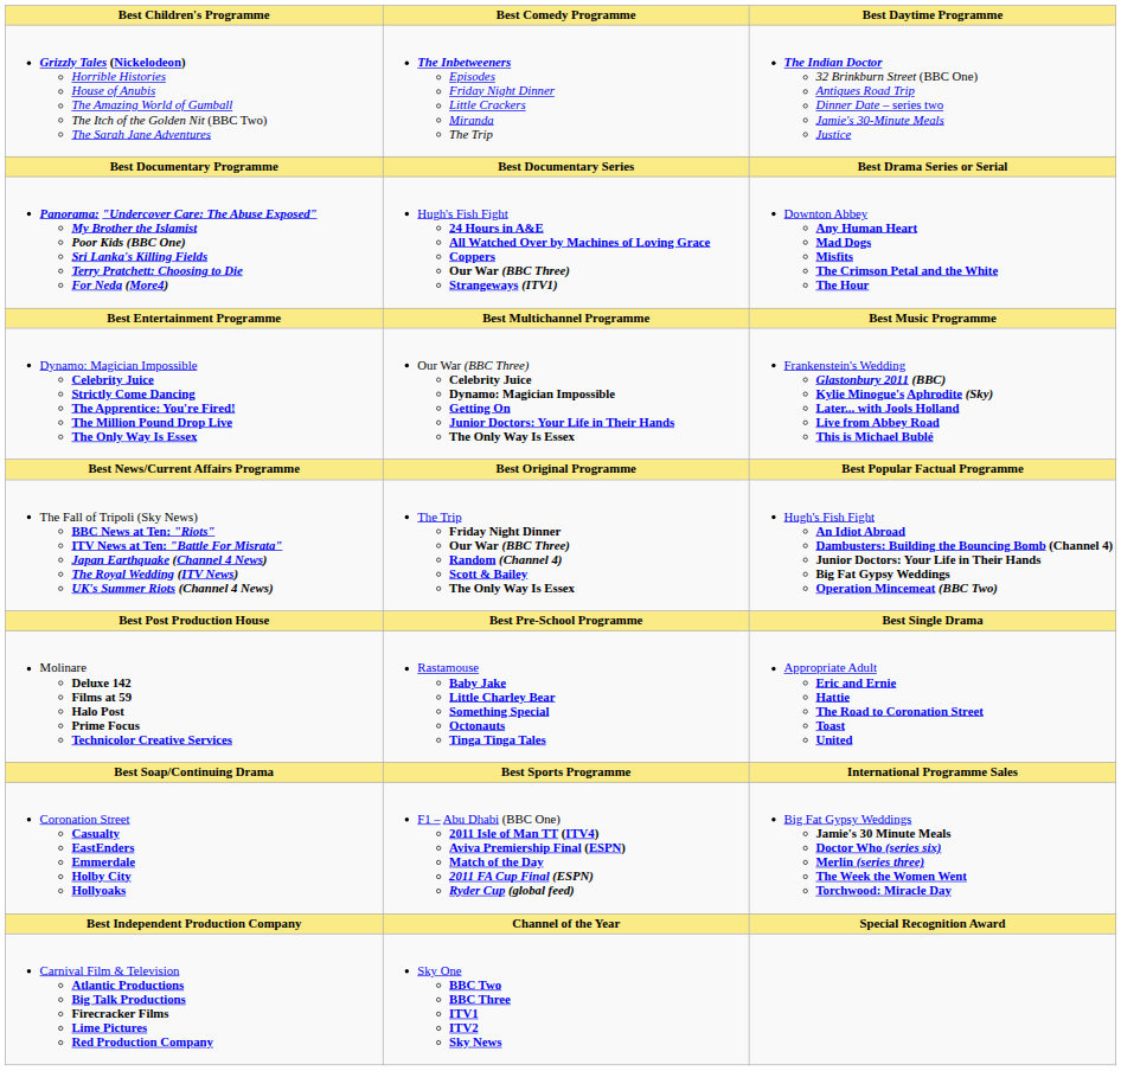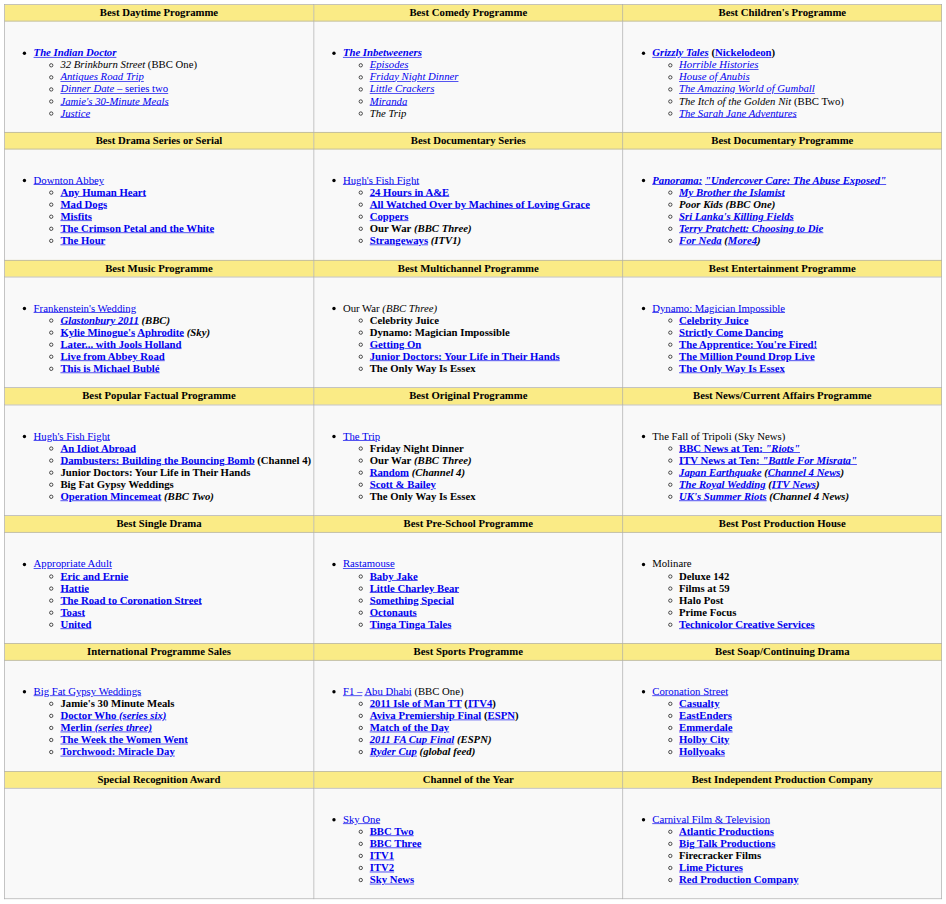 <table class=wikitable style=font-size:100%>
 <tr>
+<th style="background:#FAEB86;" width="33%">Best Daytime Programme</th>
+<th style="background:#FAEB86;" width="33%">Best Comedy Programme</th>
 <th style="background:#FAEB86;" width="34%">Best Children's Programme</th>
-<th style="background:#FAEB86;" width="33%">Best Comedy Programme</th>
-<th style="background:#FAEB86;" width="33%">Best Daytime Programme</th>
 </tr>
 <tr>
+<td valign="top"><br><ul><li><strong><em><a href='#'>The Indian Doctor</a></em></strong><ul><li><em>32 Brinkburn Street</em> (BBC One)</li><li><em><a href='#'>Antiques Road Trip</a></em></li><li><a href='#'><em>Dinner Date –</em> series two</a></li><li><em><a href='#'>Jamie's 30-Minute Meals</a></em></li><li><em><a href='#'>Justice</a></em></li></ul></li></ul></td>
+<td valign="top"><br><ul><li><strong><em><a href='#'>The Inbetweeners</a></em></strong><ul><li><em><a href='#'>Episodes</a></em></li><li><em><a href='#'>Friday Night Dinner</a></em></li><li><em><a href='#'>Little Crackers</a></em></li><li><em><a href='#'>Miranda</a></em></li><li><em>The Trip</em></li></ul></li></ul></td>
 <td valign="top"><br><ul><li><strong><a href='#'><em>Grizzly Tales</em></a> (<a href='#'>Nickelodeon</a>)</strong><ul><li><em><a href='#'>Horrible Histories</a></em></li><li><em><a href='#'>House of Anubis</a></em></li><li><em><a href='#'>The Amazing World of Gumball</a></em></li><li><em>The Itch of the Golden Nit</em> (BBC Two)</li><li><em><a href='#'>The Sarah Jane Adventures</a></em></li></ul></li></ul></td>
-<td valign="top"><br><ul><li><strong><em><a href='#'>The Inbetweeners</a></em></strong><ul><li><em><a href='#'>Episodes</a></em></li><li><em><a href='#'>Friday Night Dinner</a></em></li><li><em><a href='#'>Little Crackers</a></em></li><li><em><a href='#'>Miranda</a></em></li><li><em>The Trip</em></li></ul></li></ul></td>
-<td valign="top"><br><ul><li><strong><em><a href='#'>The Indian Doctor</a></em></strong><ul><li><em>32 Brinkburn Street</em> (BBC One)</li><li><em><a href='#'>Antiques Road Trip</a></em></li><li><a href='#'><em>Dinner Date –</em> series two</a></li><li><em><a href='#'>Jamie's 30-Minute Meals</a></em></li><li><em><a href='#'>Justice</a></em></li></ul></li></ul></td>
 </tr>
 <tr>
+<th style="background:#FAEB86;" width="33%">Best Drama Series or Serial</th>
+<th style="background:#FAEB86;" width="33%">Best Documentary Series</th>
 <th style="background:#FAEB86;" width="34%">Best Documentary Programme</th>
-<th style="background:#FAEB86;" width="33%">Best Documentary Series</th>
-<th style="background:#FAEB86;" width="33%">Best Drama Series or Serial</th>
 </tr>
 <tr>
+<td valign="top"><br><ul><li></em></strong><a href='#'>Downton Abbey</a><strong><em><ul><li></em><a href='#'>Any Human Heart</a><em></li><li></em><a href='#'>Mad Dogs</a><em></li><li></em><a href='#'>Misfits</a><em></li><li></em><a href='#'>The Crimson Petal and the White</a><em></li><li></em><a href='#'>The Hour</a><em></li></ul></li></ul></td>
+<td valign="top"><br><ul><li></em></strong><a href='#'>Hugh's Fish Fight</a><strong><em><ul><li></em><a href='#'>24 Hours in A&E</a><em></li><li></em><a href='#'>All Watched Over by Machines of Loving Grace</a><em></li><li></em><a href='#'>Coppers</a><em></li><li></em>Our War<em> (BBC Three)</li><li></em><a href='#'>Strangeways</a><em> (ITV1)</li></ul></li></ul></td>
 <td valign="top"><br><ul><li><strong><em><a href='#'>Panorama:</a><em> <a href='#'>"Undercover Care: The Abuse Exposed"</a><strong><ul><li></em><a href='#'>My Brother the Islamist</a><em></li><li></em>Poor Kids<em> (BBC One)</li><li></em><a href='#'>Sri Lanka's Killing Fields</a><em></li><li></em><a href='#'>Terry Pratchett: Choosing to Die</a><em></li><li></em><a href='#'>For Neda</a><em> (<a href='#'>More4</a>)</li></ul></li></ul></td>
-<td valign="top"><br><ul><li></em></strong><a href='#'>Hugh's Fish Fight</a><strong><em><ul><li></em><a href='#'>24 Hours in A&E</a><em></li><li></em><a href='#'>All Watched Over by Machines of Loving Grace</a><em></li><li></em><a href='#'>Coppers</a><em></li><li></em>Our War<em> (BBC Three)</li><li></em><a href='#'>Strangeways</a><em> (ITV1)</li></ul></li></ul></td>
-<td valign="top"><br><ul><li></em></strong><a href='#'>Downton Abbey</a><strong><em><ul><li></em><a href='#'>Any Human Heart</a><em></li><li></em><a href='#'>Mad Dogs</a><em></li><li></em><a href='#'>Misfits</a><em></li><li></em><a href='#'>The Crimson Petal and the White</a><em></li><li></em><a href='#'>The Hour</a><em></li></ul></li></ul></td>
 </tr>
 <tr>
+<th style="background:#FAEB86;" width="33%">Best Music Programme</th>
+<th style="background:#FAEB86;" width="33%">Best Multichannel Programme</th>
 <th style="background:#FAEB86;" width="34%">Best Entertainment Programme</th>
-<th style="background:#FAEB86;" width="33%">Best Multichannel Programme</th>
-<th style="background:#FAEB86;" width="33%">Best Music Programme</th>
 </tr>
 <tr>
+<td valign="top"><br><ul><li></em></strong><a href='#'>Frankenstein's Wedding</a><strong><em><ul><li><a href='#'>Glastonbury 2011</a> (BBC)</li><li></em><a href='#'>Kylie Minogue's</a> <a href='#'>Aphrodite</a><em> (Sky)</li><li></em><a href='#'>Later... with Jools Holland</a><em></li><li></em><a href='#'>Live from Abbey Road</a><em></li><li></em><a href='#'>This is Michael Bublé</a><em></li></ul></li></ul></td>
+<td valign="top"><br><ul><li></em></strong>Our War<strong><em> </strong>(BBC Three)<strong><ul><li></em>Celebrity Juice<em></li><li></em>Dynamo: Magician Impossible<em></li><li></em><a href='#'>Getting On</a><em></li><li></em><a href='#'>Junior Doctors: Your Life in Their Hands</a><em></li><li></em>The Only Way Is Essex<em></li></ul></li></ul></td>
 <td valign="top"><br><ul><li></em></strong><a href='#'>Dynamo: Magician Impossible</a><strong><em><ul><li></em><a href='#'>Celebrity Juice</a><em></li><li></em><a href='#'>Strictly Come Dancing</a><em></li><li></em><a href='#'>The Apprentice: You're Fired!</a><em></li><li></em><a href='#'>The Million Pound Drop Live</a><em></li><li></em><a href='#'>The Only Way Is Essex</a><em></li></ul></li></ul></td>
-<td valign="top"><br><ul><li></em></strong>Our War<strong><em> </strong>(BBC Three)<strong><ul><li></em>Celebrity Juice<em></li><li></em>Dynamo: Magician Impossible<em></li><li></em><a href='#'>Getting On</a><em></li><li></em><a href='#'>Junior Doctors: Your Life in Their Hands</a><em></li><li></em>The Only Way Is Essex<em></li></ul></li></ul></td>
-<td valign="top"><br><ul><li></em></strong><a href='#'>Frankenstein's Wedding</a><strong><em><ul><li><a href='#'>Glastonbury 2011</a> (BBC)</li><li></em><a href='#'>Kylie Minogue's</a> <a href='#'>Aphrodite</a><em> (Sky)</li><li></em><a href='#'>Later... with Jools Holland</a><em></li><li></em><a href='#'>Live from Abbey Road</a><em></li><li></em><a href='#'>This is Michael Bublé</a><em></li></ul></li></ul></td>
 </tr>
 <tr>
+<th style="background:#FAEB86;" width="33%">Best Popular Factual Programme</th>
+<th style="background:#FAEB86;" width="33%">Best Original Programme</th>
 <th style="background:#FAEB86;" width="34%">Best News/Current Affairs Programme</th>
-<th style="background:#FAEB86;" width="33%">Best Original Programme</th>
-<th style="background:#FAEB86;" width="33%">Best Popular Factual Programme</th>
 </tr>
 <tr>
+<td valign="top"><br><ul><li></em></strong><a href='#'>Hugh's Fish Fight</a><strong><em><ul><li></em><a href='#'>An Idiot Abroad</a><em></li><li></em><a href='#'>Dambusters: Building the Bouncing Bomb</a> (Channel 4)<em></li><li></em>Junior Doctors: Your Life in Their Hands<em></li><li></em>Big Fat Gypsy Weddings<em></li><li></em><a href='#'>Operation Mincemeat</a><em> (BBC Two)</li></ul></li></ul></td>
+<td valign="top"><br><ul><li></em></strong><a href='#'>The Trip</a><strong><em><ul><li></em>Friday Night Dinner<em></li><li></em>Our War<em> (BBC Three)</li><li></em><a href='#'>Random</a><em> (Channel 4)</li><li></em><a href='#'>Scott & Bailey</a><em></li><li></em>The Only Way Is Essex<em></li></ul></li></ul></td>
 <td valign="top"><br><ul><li></strong>The Fall of Tripoli (Sky News)<strong><ul><li><a href='#'></em>BBC News at Ten:<em> "Riots"</a></li><li><a href='#'></em>ITV News at Ten:<em> "Battle For Misrata"</a></li><li><a href='#'>Japan Earthquake</a> (<a href='#'>Channel 4 News</a>)</li><li><a href='#'>The Royal Wedding</a> (<a href='#'>ITV News</a>)</li><li><a href='#'>UK's Summer Riots</a> (Channel 4 News)</li></ul></li></ul></td>
-<td valign="top"><br><ul><li></em></strong><a href='#'>The Trip</a><strong><em><ul><li></em>Friday Night Dinner<em></li><li></em>Our War<em> (BBC Three)</li><li></em><a href='#'>Random</a><em> (Channel 4)</li><li></em><a href='#'>Scott & Bailey</a><em></li><li></em>The Only Way Is Essex<em></li></ul></li></ul></td>
-<td valign="top"><br><ul><li></em></strong><a href='#'>Hugh's Fish Fight</a><strong><em><ul><li></em><a href='#'>An Idiot Abroad</a><em></li><li></em><a href='#'>Dambusters: Building the Bouncing Bomb</a> (Channel 4)<em></li><li></em>Junior Doctors: Your Life in Their Hands<em></li><li></em>Big Fat Gypsy Weddings<em></li><li></em><a href='#'>Operation Mincemeat</a><em> (BBC Two)</li></ul></li></ul></td>
 </tr>
 <tr>
+<th style="background:#FAEB86;" width="33%">Best Single Drama</th>
+<th style="background:#FAEB86;" width="33%">Best Pre-School Programme</th>
 <th style="background:#FAEB86;" width="34%">Best Post Production House</th>
-<th style="background:#FAEB86;" width="33%">Best Pre-School Programme</th>
-<th style="background:#FAEB86;" width="33%">Best Single Drama</th>
 </tr>
 <tr>
+<td valign="top"><br><ul><li></em></strong><a href='#'>Appropriate Adult</a><strong><em><ul><li></em><a href='#'>Eric and Ernie</a><em></li><li></em><a href='#'>Hattie</a><em></li><li></em><a href='#'>The Road to Coronation Street</a><em></li><li></em><a href='#'>Toast</a><em></li><li></em><a href='#'>United</a><em></li></ul></li></ul></td>
+<td valign="top"><br><ul><li></em></strong><a href='#'>Rastamouse</a><strong><em><ul><li></em><a href='#'>Baby Jake</a><em></li><li></em><a href='#'>Little Charley Bear</a><em></li><li></em><a href='#'>Something Special</a><em></li><li></em><a href='#'>Octonauts</a><em></li><li></em><a href='#'>Tinga Tinga Tales</a><em></li></ul></li></ul></td>
 <td valign="top"><br><ul><li></strong>Molinare<strong><ul><li>Deluxe 142</li><li>Films at 59</li><li>Halo Post</li><li>Prime Focus</li><li><a href='#'>Technicolor Creative Services</a></li></ul></li></ul></td>
-<td valign="top"><br><ul><li></em></strong><a href='#'>Rastamouse</a><strong><em><ul><li></em><a href='#'>Baby Jake</a><em></li><li></em><a href='#'>Little Charley Bear</a><em></li><li></em><a href='#'>Something Special</a><em></li><li></em><a href='#'>Octonauts</a><em></li><li></em><a href='#'>Tinga Tinga Tales</a><em></li></ul></li></ul></td>
-<td valign="top"><br><ul><li></em></strong><a href='#'>Appropriate Adult</a><strong><em><ul><li></em><a href='#'>Eric and Ernie</a><em></li><li></em><a href='#'>Hattie</a><em></li><li></em><a href='#'>The Road to Coronation Street</a><em></li><li></em><a href='#'>Toast</a><em></li><li></em><a href='#'>United</a><em></li></ul></li></ul></td>
 </tr>
 <tr>
+<th style="background:#FAEB86;" width="33%">International Programme Sales</th>
+<th style="background:#FAEB86;" width="33%">Best Sports Programme</th>
 <th style="background:#FAEB86;" width="34%">Best Soap/Continuing Drama</th>
-<th style="background:#FAEB86;" width="33%">Best Sports Programme</th>
-<th style="background:#FAEB86;" width="33%">International Programme Sales</th>
 </tr>
 <tr>
+<td valign="top"><br><ul><li></em></strong><a href='#'>Big Fat Gypsy Weddings</a><strong><em><ul><li></em>Jamie's 30 Minute Meals<em></li><li><a href='#'></em>Doctor Who<em> (series six)</a></li><li><a href='#'></em>Merlin<em> (series three)</a></li><li></em><a href='#'>The Week the Women Went</a><em></li><li></em><a href='#'>Torchwood: Miracle Day</a><em></li></ul></li></ul></td>
+<td valign="top"><br><ul><li></strong><a href='#'>F1 –</a> <a href='#'>Abu Dhabi</a> (BBC One)<strong><ul><li><a href='#'>2011 Isle of Man TT</a> (<a href='#'>ITV4</a>)</li><li><a href='#'>Aviva Premiership Final</a> (<a href='#'>ESPN</a>)</li><li></em><a href='#'>Match of the Day</a><em></li><li><a href='#'>2011 FA Cup Final</a> (ESPN)</li><li><a href='#'>Ryder Cup</a> (global feed)</li></ul></li></ul></td>
 <td valign="top"><br><ul><li></em></strong><a href='#'>Coronation Street</a><strong><em><ul><li></em><a href='#'>Casualty</a><em></li><li></em><a href='#'>EastEnders</a><em></li><li></em><a href='#'>Emmerdale</a><em></li><li></em><a href='#'>Holby City</a><em></li><li></em><a href='#'>Hollyoaks</a><em></li></ul></li></ul></td>
-<td valign="top"><br><ul><li></strong><a href='#'>F1 –</a> <a href='#'>Abu Dhabi</a> (BBC One)<strong><ul><li><a href='#'>2011 Isle of Man TT</a> (<a href='#'>ITV4</a>)</li><li><a href='#'>Aviva Premiership Final</a> (<a href='#'>ESPN</a>)</li><li></em><a href='#'>Match of the Day</a><em></li><li><a href='#'>2011 FA Cup Final</a> (ESPN)</li><li><a href='#'>Ryder Cup</a> (global feed)</li></ul></li></ul></td>
-<td valign="top"><br><ul><li></em></strong><a href='#'>Big Fat Gypsy Weddings</a><strong><em><ul><li></em>Jamie's 30 Minute Meals<em></li><li><a href='#'></em>Doctor Who<em> (series six)</a></li><li><a href='#'></em>Merlin<em> (series three)</a></li><li></em><a href='#'>The Week the Women Went</a><em></li><li></em><a href='#'>Torchwood: Miracle Day</a><em></li></ul></li></ul></td>
 </tr>
 <tr>
+<th style="background:#FAEB86;" width="33%">Special Recognition Award</th>
+<th style="background:#FAEB86;" width="33%">Channel of the Year</th>
 <th style="background:#FAEB86;" width="33%">Best Independent Production Company</th>
-<th style="background:#FAEB86;" width="33%">Channel of the Year</th>
-<th style="background:#FAEB86;" width="33%">Special Recognition Award</th>
 </tr>
 <tr>
+<td valign="top"></td>
+<td valign="top"><br><ul><li></strong><a href='#'>Sky One</a><strong><ul><li><a href='#'>BBC Two</a></li><li><a href='#'>BBC Three</a></li><li><a href='#'>ITV1</a></li><li><a href='#'>ITV2</a></li><li><a href='#'>Sky News</a></li></ul></li></ul></td>
 <td valign="top"><br><ul><li></strong><a href='#'>Carnival Film & Television</a><strong><ul><li><a href='#'>Atlantic Productions</a></li><li><a href='#'>Big Talk Productions</a></li><li>Firecracker Films</li><li><a href='#'>Lime Pictures</a></li><li><a href='#'>Red Production Company</a></li></ul></li></ul></td>
-<td valign="top"><br><ul><li></strong><a href='#'>Sky One</a><strong><ul><li><a href='#'>BBC Two</a></li><li><a href='#'>BBC Three</a></li><li><a href='#'>ITV1</a></li><li><a href='#'>ITV2</a></li><li><a href='#'>Sky News</a></li></ul></li></ul></td>
-<td valign="top"></td>
 </tr>
 </table>
